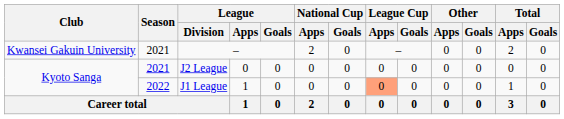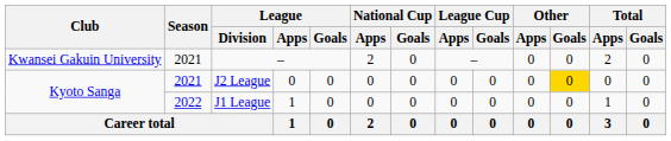 <table class="wikitable" style="text-align: center">
 <tr>
 <th rowspan="2">Club</th>
 <th rowspan="2">Season</th>
 <th colspan="3">League</th>
 <th colspan="2">National Cup</th>
 <th colspan="2">League Cup</th>
 <th colspan="2">Other</th>
 <th colspan="2">Total</th>
 </tr>
 <tr>
 <th>Division</th>
 <th>Apps</th>
 <th>Goals</th>
 <th>Apps</th>
 <th>Goals</th>
 <th>Apps</th>
 <th>Goals</th>
 <th>Apps</th>
 <th>Goals</th>
 <th>Apps</th>
 <th>Goals</th>
 </tr>
 <tr>
 <td><a href='#'>Kwansei Gakuin University</a></td>
 <td>2021</td>
 <td colspan="3">–</td>
 <td>2</td>
 <td>0</td>
 <td colspan="2">–</td>
 <td>0</td>
 <td>0</td>
 <td>2</td>
 <td>0</td>
 </tr>
 <tr>
 <td rowspan="2"><a href='#'>Kyoto Sanga</a></td>
 <td><a href='#'>2021</a></td>
 <td><a href='#'>J2 League</a></td>
 <td>0</td>
 <td>0</td>
 <td>0</td>
 <td>0</td>
 <td>0</td>
 <td>0</td>
 <td>0</td>
-<td>0</td>
+<td style="background: gold;">0</td>
 <td>0</td>
 <td>0</td>
 </tr>
 <tr>
 <td><a href='#'>2022</a></td>
 <td><a href='#'>J1 League</a></td>
 <td>1</td>
 <td>0</td>
 <td>0</td>
 <td>0</td>
-<td style="background: lightsalmon;">0</td>
+<td>0</td>
 <td>0</td>
 <td>0</td>
 <td>0</td>
 <td>1</td>
 <td>0</td>
 </tr>
 <tr>
 <th colspan=3>Career total</th>
 <th>1</th>
 <th>0</th>
 <th>2</th>
 <th>0</th>
 <th>0</th>
 <th>0</th>
 <th>0</th>
 <th>0</th>
 <th>3</th>
 <th>0</th>
 </tr>
 </table>
